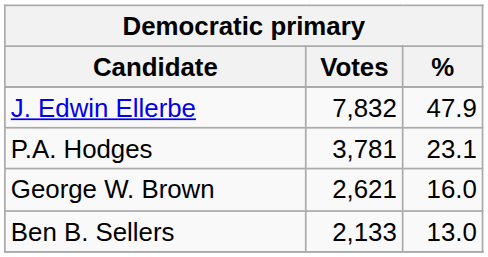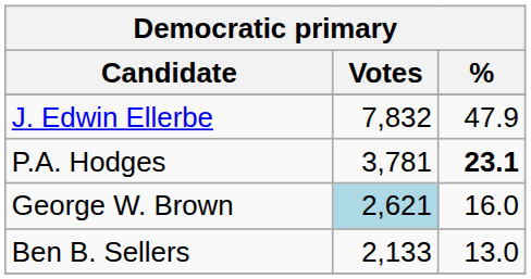 <table class="wikitable" align="left" style="margin: 1em 1em 1em 0; font-size: 95%;">
 <tr>
 <th colspan="3">Democratic primary</th>
 </tr>
 <tr>
 <th colspan="1" style="width: 170px">Candidate</th>
 <th style="width: 50px">Votes</th>
 <th style="width: 40px">%</th>
 </tr>
 <tr>
 </tr>
 <tr>
 <td><a href='#'>J. Edwin Ellerbe</a></td>
 <td align="right">7,832</td>
 <td align="right">47.9</td>
 </tr>
 <tr>
 <td>P.A. Hodges</td>
 <td align="right">3,781</td>
-<td align="right">23.1</td>
+<td align="right"><strong>23.1</strong></td>
 </tr>
 <tr>
 <td>George W. Brown</td>
-<td align="right">2,621</td>
+<td align="right" style="background: lightblue;">2,621</td>
 <td align="right">16.0</td>
 </tr>
 <tr>
 <td>Ben B. Sellers</td>
 <td align="right">2,133</td>
 <td align="right">13.0</td>
 </tr>
 <tr>
 </tr>
 </table>
